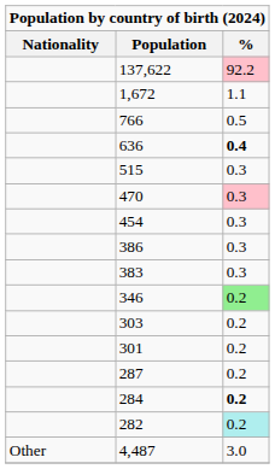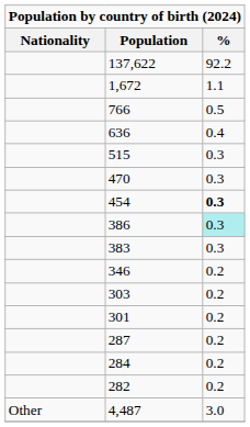 <table class="wikitable" style="float:right;">
 <tr>
 <td colspan="3"><strong>Population by country of birth (2024)</strong></td>
 </tr>
 <tr \>
 <th>Nationality</th>
 <th>Population</th>
 <th>%</th>
 </tr>
 <tr>
 <td></td>
 <td>137,622</td>
-<td style="background: pink;">92.2</td>
+<td>92.2</td>
 </tr>
 <tr>
 <td></td>
 <td>1,672</td>
 <td>1.1</td>
 </tr>
 <tr>
 <td></td>
 <td>766</td>
 <td>0.5</td>
 </tr>
 <tr>
 <td></td>
 <td>636</td>
-<td><strong>0.4</strong></td>
+<td>0.4</td>
 </tr>
 <tr>
 <td></td>
 <td>515</td>
 <td>0.3</td>
 </tr>
 <tr>
 <td></td>
 <td>470</td>
-<td style="background: pink;">0.3</td>
+<td>0.3</td>
 </tr>
 <tr>
 <td></td>
 <td>454</td>
-<td>0.3</td>
+<td><strong>0.3</strong></td>
 </tr>
 <tr>
 <td></td>
 <td>386</td>
-<td>0.3</td>
+<td style="background: paleturquoise;">0.3</td>
 </tr>
 <tr>
 <td></td>
 <td>383</td>
 <td>0.3</td>
 </tr>
 <tr>
 <td></td>
 <td>346</td>
-<td style="background: lightgreen;">0.2</td>
+<td>0.2</td>
 </tr>
 <tr>
 <td></td>
 <td>303</td>
 <td>0.2</td>
 </tr>
 <tr>
 <td></td>
 <td>301</td>
 <td>0.2</td>
 </tr>
 <tr>
 <td></td>
 <td>287</td>
 <td>0.2</td>
 </tr>
 <tr>
 <td></td>
 <td>284</td>
-<td><strong>0.2</strong></td>
+<td>0.2</td>
 </tr>
 <tr>
 <td></td>
 <td>282</td>
-<td style="background: paleturquoise;">0.2</td>
+<td>0.2</td>
 </tr>
 <tr>
 <td>Other</td>
 <td>4,487</td>
 <td>3.0</td>
 </tr>
 <tr>
 </tr>
 </table>
